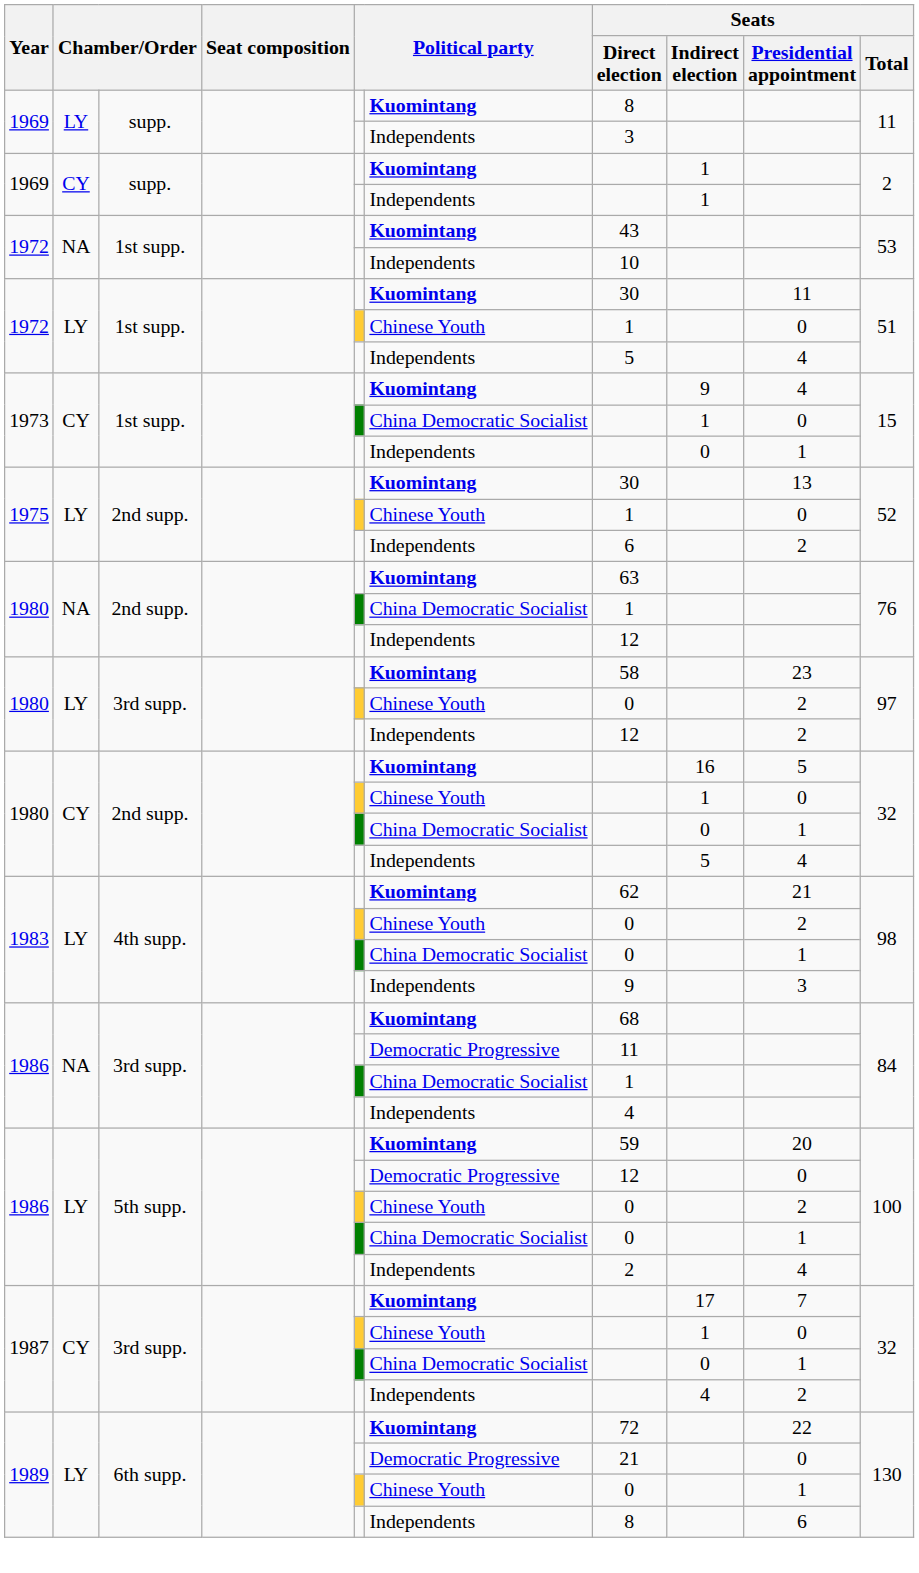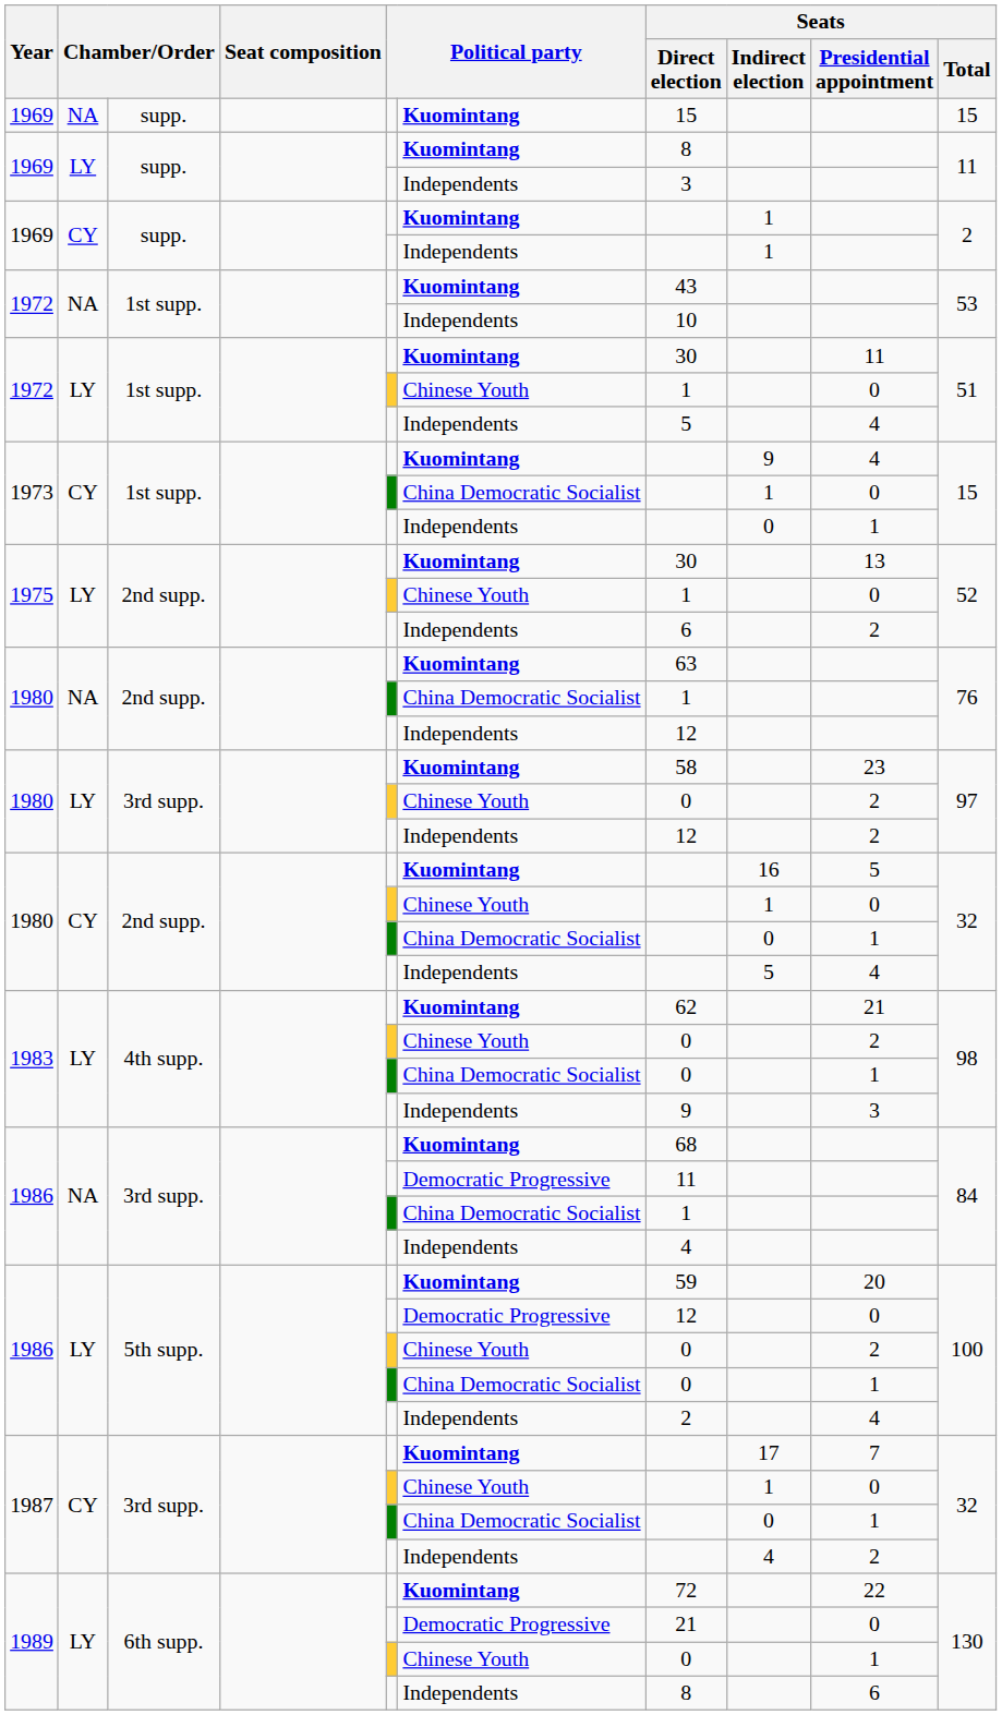 <table class=wikitable>
 <tr>
 <th rowspan=2>Year</th>
 <th rowspan=2 colspan=2>Chamber/Order</th>
 <th rowspan=2>Seat composition</th>
 <th rowspan=2 colspan=2><a href='#'>Political party</a></th>
 <th colspan=4>Seats</th>
 </tr>
 <tr>
 <th>Direct<br>election</th>
 <th>Indirect<br>election</th>
 <th><a href='#'>Presidential</a><br>appointment</th>
 <th>Total</th>
+</tr>
+<tr>
+<td><a href='#'>1969</a></td>
+<td align=center><a href='#'>NA</a></td>
+<td align=center>supp.</td>
+<td></td>
+<td style="background-color:"></td>
+<td><strong><a href='#'>Kuomintang</a></strong></td>
+<td align=center>15</td>
+<td></td>
+<td></td>
+<td align=center>15</td>
 </tr>
 <tr>
 <td rowspan=2><a href='#'>1969</a></td>
 <td rowspan=2 align=center><a href='#'>LY</a></td>
 <td rowspan=2 align=center>supp.</td>
 <td rowspan=2></td>
 <td style="background-color:"></td>
 <td><strong><a href='#'>Kuomintang</a></strong></td>
 <td align=center>8</td>
 <td></td>
 <td></td>
 <td rowspan=2 align=center>11</td>
 </tr>
 <tr>
 <td style="background-color:"></td>
 <td>Independents</td>
 <td align=center>3</td>
 <td></td>
 <td></td>
 </tr>
 <tr>
 <td rowspan=2>1969</td>
 <td rowspan=2 align=center><a href='#'>CY</a></td>
 <td rowspan=2 align=center>supp.</td>
 <td rowspan=2></td>
 <td style="background-color:"></td>
 <td><strong><a href='#'>Kuomintang</a></strong></td>
 <td></td>
 <td align=center>1</td>
 <td></td>
 <td rowspan=2 align=center>2</td>
 </tr>
 <tr>
 <td style="background-color:"></td>
 <td>Independents</td>
 <td></td>
 <td align=center>1</td>
 <td></td>
 </tr>
 <tr>
 <td rowspan=2><a href='#'>1972</a></td>
 <td rowspan=2 align=center>NA</td>
 <td rowspan=2 align=center>1st supp.</td>
 <td rowspan=2></td>
 <td style="background-color:"></td>
 <td><strong><a href='#'>Kuomintang</a></strong></td>
 <td align=center>43</td>
 <td></td>
 <td></td>
 <td rowspan=2 align=center>53</td>
 </tr>
 <tr>
 <td style="background-color:"></td>
 <td>Independents</td>
 <td align=center>10</td>
 <td></td>
 <td></td>
 </tr>
 <tr>
 <td rowspan=3><a href='#'>1972</a></td>
 <td rowspan=3 align=center>LY</td>
 <td rowspan=3 align=center>1st supp.</td>
 <td rowspan=3></td>
 <td style="background-color:"></td>
 <td><strong><a href='#'>Kuomintang</a></strong></td>
 <td align=center>30</td>
 <td></td>
 <td align=center>11</td>
 <td rowspan=3 align=center>51</td>
 </tr>
 <tr>
 <td style="background-color:#FFCC33; width: 1px;"></td>
 <td><a href='#'>Chinese Youth</a></td>
 <td align=center>1</td>
 <td></td>
 <td align=center>0</td>
 </tr>
 <tr>
 <td style="background-color:"></td>
 <td>Independents</td>
 <td align=center>5</td>
 <td></td>
 <td align=center>4</td>
 </tr>
 <tr>
 <td rowspan=3>1973</td>
 <td rowspan=3 align=center>CY</td>
 <td rowspan=3 align=center>1st supp.</td>
 <td rowspan=3></td>
 <td style="background-color:"></td>
 <td><strong><a href='#'>Kuomintang</a></strong></td>
 <td></td>
 <td align=center>9</td>
 <td align=center>4</td>
 <td rowspan=3 align=center>15</td>
 </tr>
 <tr>
 <td style="background-color:#008000; width: 1px;"></td>
 <td><a href='#'>China Democratic Socialist</a></td>
 <td></td>
 <td align=center>1</td>
 <td align=center>0</td>
 </tr>
 <tr>
 <td style="background-color:"></td>
 <td>Independents</td>
 <td></td>
 <td align=center>0</td>
 <td align=center>1</td>
 </tr>
 <tr>
 <td rowspan=3><a href='#'>1975</a></td>
 <td rowspan=3 align=center>LY</td>
 <td rowspan=3 align=center>2nd supp.</td>
 <td rowspan=3></td>
 <td style="background-color:"></td>
 <td><strong><a href='#'>Kuomintang</a></strong></td>
 <td align=center>30</td>
 <td></td>
 <td align=center>13</td>
 <td rowspan=3 align=center>52</td>
 </tr>
 <tr>
 <td style="background-color:#FFCC33; width: 1px;"></td>
 <td><a href='#'>Chinese Youth</a></td>
 <td align=center>1</td>
 <td></td>
 <td align=center>0</td>
 </tr>
 <tr>
 <td style="background-color:"></td>
 <td>Independents</td>
 <td align=center>6</td>
 <td></td>
 <td align=center>2</td>
 </tr>
 <tr>
 <td rowspan=3><a href='#'>1980</a></td>
 <td rowspan=3 align=center>NA</td>
 <td rowspan=3 align=center>2nd supp.</td>
 <td rowspan=3></td>
 <td style="background-color:"></td>
 <td><strong><a href='#'>Kuomintang</a></strong></td>
 <td align=center>63</td>
 <td></td>
 <td></td>
 <td rowspan=3 align=center>76</td>
 </tr>
 <tr>
 <td style="background-color:#008000; width: 1px;"></td>
 <td><a href='#'>China Democratic Socialist</a></td>
 <td align=center>1</td>
 <td></td>
 <td></td>
 </tr>
 <tr>
 <td style="background-color:"></td>
 <td>Independents</td>
 <td align=center>12</td>
 <td></td>
 <td></td>
 </tr>
 <tr>
 <td rowspan=3><a href='#'>1980</a></td>
 <td rowspan=3 align=center>LY</td>
 <td rowspan=3 align=center>3rd supp.</td>
 <td rowspan=3></td>
 <td style="background-color:"></td>
 <td><strong><a href='#'>Kuomintang</a></strong></td>
 <td align=center>58</td>
 <td></td>
 <td align=center>23</td>
 <td rowspan=3 align=center>97</td>
 </tr>
 <tr>
 <td style="background-color:#FFCC33; width: 1px;"></td>
 <td><a href='#'>Chinese Youth</a></td>
 <td align=center>0</td>
 <td></td>
 <td align=center>2</td>
 </tr>
 <tr>
 <td style="background-color:"></td>
 <td>Independents</td>
 <td align=center>12</td>
 <td></td>
 <td align=center>2</td>
 </tr>
 <tr>
 <td rowspan=4>1980</td>
 <td rowspan=4 align=center>CY</td>
 <td rowspan=4 align=center>2nd supp.</td>
 <td rowspan=4></td>
 <td style="background-color:"></td>
 <td><strong><a href='#'>Kuomintang</a></strong></td>
 <td></td>
 <td align=center>16</td>
 <td align=center>5</td>
 <td rowspan=4 align=center>32</td>
 </tr>
 <tr>
 <td style="background-color:#FFCC33; width: 1px;"></td>
 <td><a href='#'>Chinese Youth</a></td>
 <td></td>
 <td align=center>1</td>
 <td align=center>0</td>
 </tr>
 <tr>
 <td style="background-color:#008000; width: 1px;"></td>
 <td><a href='#'>China Democratic Socialist</a></td>
 <td></td>
 <td align=center>0</td>
 <td align=center>1</td>
 </tr>
 <tr>
 <td style="background-color:"></td>
 <td>Independents</td>
 <td></td>
 <td align=center>5</td>
 <td align=center>4</td>
 </tr>
 <tr>
 <td rowspan=4><a href='#'>1983</a></td>
 <td rowspan=4 align=center>LY</td>
 <td rowspan=4 align=center>4th supp.</td>
 <td rowspan=4></td>
 <td style="background-color:"></td>
 <td><strong><a href='#'>Kuomintang</a></strong></td>
 <td align=center>62</td>
 <td></td>
 <td align=center>21</td>
 <td rowspan=4 align=center>98</td>
 </tr>
 <tr>
 <td style="background-color:#FFCC33; width: 1px;"></td>
 <td><a href='#'>Chinese Youth</a></td>
 <td align=center>0</td>
 <td></td>
 <td align=center>2</td>
 </tr>
 <tr>
 <td style="background-color:#008000; width: 1px;"></td>
 <td><a href='#'>China Democratic Socialist</a></td>
 <td align=center>0</td>
 <td></td>
 <td align=center>1</td>
 </tr>
 <tr>
 <td style="background-color:"></td>
 <td>Independents</td>
 <td align=center>9</td>
 <td></td>
 <td align=center>3</td>
 </tr>
 <tr>
 <td rowspan=4><a href='#'>1986</a></td>
 <td rowspan=4 align=center>NA</td>
 <td rowspan=4 align=center>3rd supp.</td>
 <td rowspan=4></td>
 <td style="background-color:"></td>
 <td><strong><a href='#'>Kuomintang</a></strong></td>
 <td align=center>68</td>
 <td></td>
 <td></td>
 <td rowspan=4 align=center>84</td>
 </tr>
 <tr>
 <td style="background-color:"></td>
 <td><a href='#'>Democratic Progressive</a></td>
 <td align=center>11</td>
 <td></td>
 <td></td>
 </tr>
 <tr>
 <td style="background-color:#008000; width: 1px;"></td>
 <td><a href='#'>China Democratic Socialist</a></td>
 <td align=center>1</td>
 <td></td>
 <td></td>
 </tr>
 <tr>
 <td style="background-color:"></td>
 <td>Independents</td>
 <td align=center>4</td>
 <td></td>
 <td></td>
 </tr>
 <tr>
 <td rowspan=5><a href='#'>1986</a></td>
 <td rowspan=5 align=center>LY</td>
 <td rowspan=5 align=center>5th supp.</td>
 <td rowspan=5></td>
 <td style="background-color:"></td>
 <td><strong><a href='#'>Kuomintang</a></strong></td>
 <td align=center>59</td>
 <td></td>
 <td align=center>20</td>
 <td rowspan=5 align=center>100</td>
 </tr>
 <tr>
 <td style="background-color:"></td>
 <td><a href='#'>Democratic Progressive</a></td>
 <td align=center>12</td>
 <td></td>
 <td align=center>0</td>
 </tr>
 <tr>
 <td style="background-color:#FFCC33; width: 1px;"></td>
 <td><a href='#'>Chinese Youth</a></td>
 <td align=center>0</td>
 <td></td>
 <td align=center>2</td>
 </tr>
 <tr>
 <td style="background-color:#008000; width: 1px;"></td>
 <td><a href='#'>China Democratic Socialist</a></td>
 <td align=center>0</td>
 <td></td>
 <td align=center>1</td>
 </tr>
 <tr>
 <td style="background-color:"></td>
 <td>Independents</td>
 <td align=center>2</td>
 <td></td>
 <td align=center>4</td>
 </tr>
 <tr>
 <td rowspan=4>1987</td>
 <td rowspan=4 align=center>CY</td>
 <td rowspan=4 align=center>3rd supp.</td>
 <td rowspan=4></td>
 <td style="background-color:"></td>
 <td><strong><a href='#'>Kuomintang</a></strong></td>
 <td></td>
 <td align=center>17</td>
 <td align=center>7</td>
 <td rowspan=4 align=center>32</td>
 </tr>
 <tr>
 <td style="background-color:#FFCC33; width: 1px;"></td>
 <td><a href='#'>Chinese Youth</a></td>
 <td></td>
 <td align=center>1</td>
 <td align=center>0</td>
 </tr>
 <tr>
 <td style="background-color:#008000; width: 1px;"></td>
 <td><a href='#'>China Democratic Socialist</a></td>
 <td></td>
 <td align=center>0</td>
 <td align=center>1</td>
 </tr>
 <tr>
 <td style="background-color:"></td>
 <td>Independents</td>
 <td></td>
 <td align=center>4</td>
 <td align=center>2</td>
 </tr>
 <tr>
 <td rowspan=4><a href='#'>1989</a></td>
 <td rowspan=4 align=center>LY</td>
 <td rowspan=4 align=center>6th supp.</td>
 <td rowspan=4></td>
 <td style="background-color:"></td>
 <td><strong><a href='#'>Kuomintang</a></strong></td>
 <td align=center>72</td>
 <td></td>
 <td align=center>22</td>
 <td rowspan=4 align=center>130</td>
 </tr>
 <tr>
 <td style="background-color:"></td>
 <td><a href='#'>Democratic Progressive</a></td>
 <td align=center>21</td>
 <td></td>
 <td align=center>0</td>
 </tr>
 <tr>
 <td style="background-color:#FFCC33; width: 1px;"></td>
 <td><a href='#'>Chinese Youth</a></td>
 <td align=center>0</td>
 <td></td>
 <td align=center>1</td>
 </tr>
 <tr>
 <td style="background-color:"></td>
 <td>Independents</td>
 <td align=center>8</td>
 <td></td>
 <td align=center>6</td>
 </tr>
 </table>
